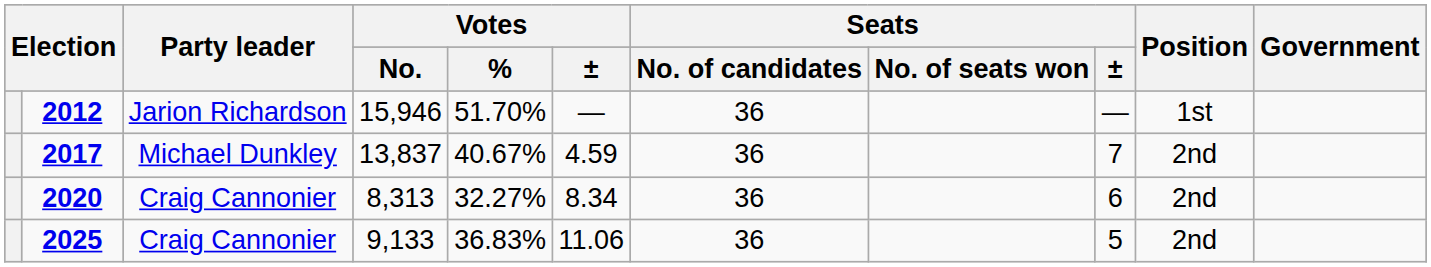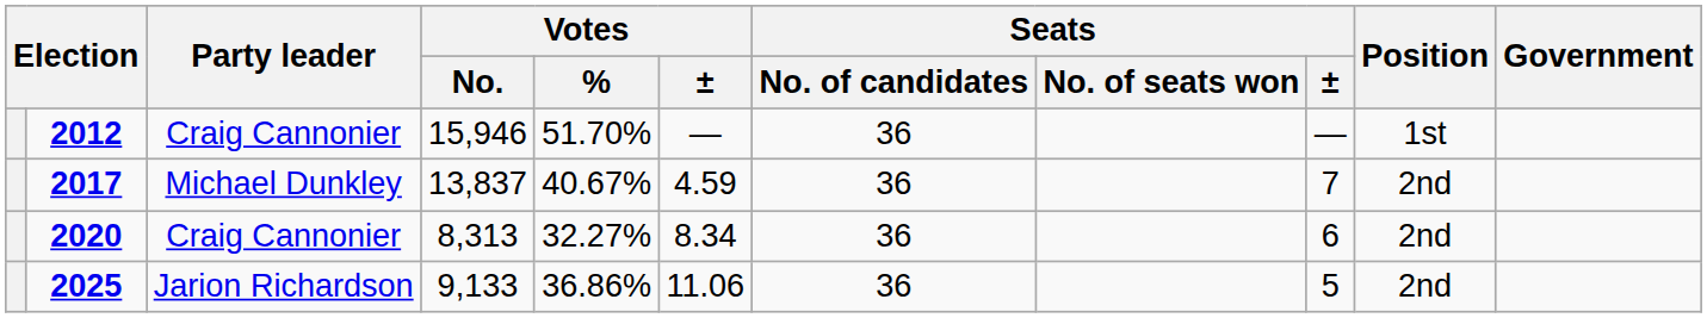 <table class="wikitable" style="text-align:center">
 <tr>
 <th colspan="2" rowspan="2">Election</th>
 <th rowspan="2">Party leader</th>
 <th colspan="3">Votes</th>
 <th colspan="3">Seats</th>
 <th rowspan="2">Position</th>
 <th rowspan="2">Government</th>
 </tr>
 <tr>
 <th>No.</th>
 <th>%</th>
 <th>±</th>
 <th>No. of candidates</th>
 <th>No. of seats won</th>
 <th>±</th>
 </tr>
 <tr>
 <th style="background-color: "></th>
 <td><strong><a href='#'>2012</a></strong></td>
-<td><a href='#'>Jarion Richardson</a></td>
+<td><a href='#'>Craig Cannonier</a></td>
 <td>15,946</td>
 <td>51.70%</td>
 <td>—</td>
 <td>36</td>
 <td></td>
 <td>—</td>
 <td>1st</td>
 <td></td>
 </tr>
 <tr>
 <th style="background-color: "></th>
 <td><strong><a href='#'>2017</a></strong></td>
 <td><a href='#'>Michael Dunkley</a></td>
 <td>13,837</td>
 <td>40.67%</td>
 <td>4.59</td>
 <td>36</td>
 <td></td>
 <td> 7</td>
 <td> 2nd</td>
 <td></td>
 </tr>
 <tr>
 <th style="background-color: "></th>
 <td><strong><a href='#'>2020</a></strong></td>
 <td><a href='#'>Craig Cannonier</a></td>
 <td>8,313</td>
 <td>32.27%</td>
 <td> 8.34</td>
 <td>36</td>
 <td></td>
 <td> 6</td>
 <td> 2nd</td>
 <td></td>
 </tr>
 <tr>
 <th style="background-color: "></th>
 <td><strong><a href='#'>2025</a></strong></td>
-<td><a href='#'>Craig Cannonier</a></td>
+<td><a href='#'>Jarion Richardson</a></td>
 <td>9,133</td>
-<td>36.83%</td>
+<td>36.86%</td>
 <td> 11.06</td>
 <td>36</td>
 <td></td>
 <td>5</td>
 <td> 2nd</td>
 <td></td>
 </tr>
 </table>
